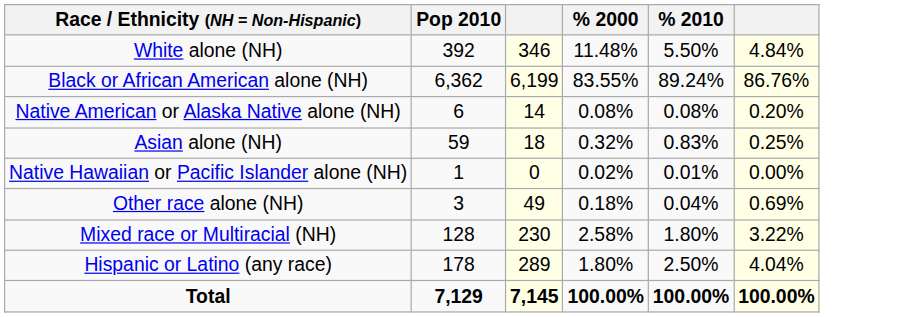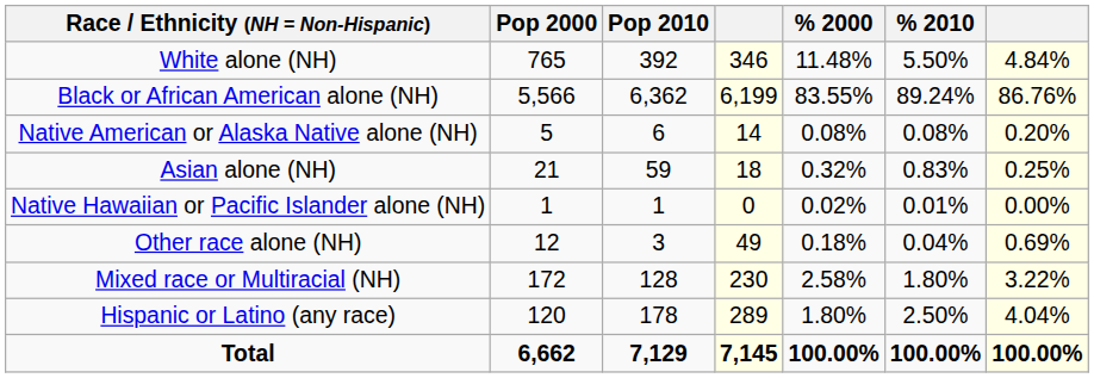 <table class="wikitable" style="text-align:center;">
 <tr>
 <th>Race / Ethnicity <small>(<em>NH = Non-Hispanic</em>)</small></th>
+<th>Pop 2000</th>
 <th>Pop 2010</th>
 <th></th>
 <th>% 2000</th>
 <th>% 2010</th>
 <th></th>
 </tr>
 <tr>
 <td><a href='#'>White</a> alone (NH)</td>
+<td>765</td>
 <td>392</td>
 <td style='background: #ffffe6;'>346</td>
 <td>11.48%</td>
 <td>5.50%</td>
 <td style='background: #ffffe6;'>4.84%</td>
 </tr>
 <tr>
 <td><a href='#'>Black or African American</a> alone (NH)</td>
+<td>5,566</td>
 <td>6,362</td>
 <td style='background: #ffffe6;'>6,199</td>
 <td>83.55%</td>
 <td>89.24%</td>
 <td style='background: #ffffe6;'>86.76%</td>
 </tr>
 <tr>
 <td><a href='#'>Native American</a> or <a href='#'>Alaska Native</a> alone (NH)</td>
+<td>5</td>
 <td>6</td>
 <td style='background: #ffffe6;'>14</td>
 <td>0.08%</td>
 <td>0.08%</td>
 <td style='background: #ffffe6;'>0.20%</td>
 </tr>
 <tr>
 <td><a href='#'>Asian</a> alone (NH)</td>
+<td>21</td>
 <td>59</td>
 <td style='background: #ffffe6;'>18</td>
 <td>0.32%</td>
 <td>0.83%</td>
 <td style='background: #ffffe6;'>0.25%</td>
 </tr>
 <tr>
 <td><a href='#'>Native Hawaiian</a> or <a href='#'>Pacific Islander</a> alone (NH)</td>
 <td>1</td>
+<td>1</td>
 <td style='background: #ffffe6;'>0</td>
 <td>0.02%</td>
 <td>0.01%</td>
 <td style='background: #ffffe6;'>0.00%</td>
 </tr>
 <tr>
 <td><a href='#'>Other race</a> alone (NH)</td>
+<td>12</td>
 <td>3</td>
 <td style='background: #ffffe6;'>49</td>
 <td>0.18%</td>
 <td>0.04%</td>
 <td style='background: #ffffe6;'>0.69%</td>
 </tr>
 <tr>
 <td><a href='#'>Mixed race or Multiracial</a> (NH)</td>
+<td>172</td>
 <td>128</td>
 <td style='background: #ffffe6;'>230</td>
 <td>2.58%</td>
 <td>1.80%</td>
 <td style='background: #ffffe6;'>3.22%</td>
 </tr>
 <tr>
 <td><a href='#'>Hispanic or Latino</a> (any race)</td>
+<td>120</td>
 <td>178</td>
 <td style='background: #ffffe6;'>289</td>
 <td>1.80%</td>
 <td>2.50%</td>
 <td style='background: #ffffe6;'>4.04%</td>
 </tr>
 <tr>
 <td><strong>Total</strong></td>
+<td><strong>6,662</strong></td>
 <td><strong>7,129</strong></td>
 <td style='background: #ffffe6;'><strong>7,145</strong></td>
 <td><strong>100.00%</strong></td>
 <td><strong>100.00%</strong></td>
 <td style='background: #ffffe6;'><strong>100.00%</strong></td>
 </tr>
 </table>
